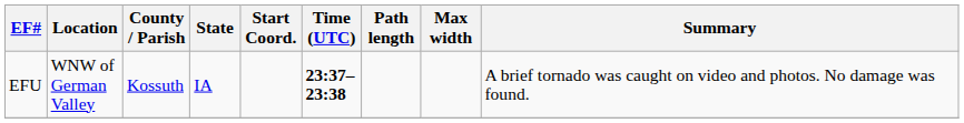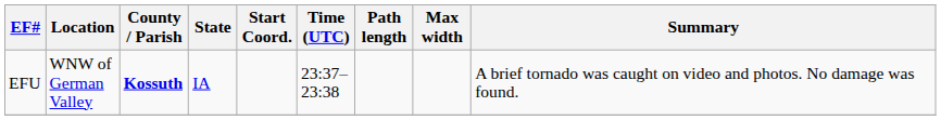 <table class="wikitable sortable" style="width:100%;">
 <tr>
 <th scope="col"  style="width:3%; text-align:center;"><a href='#'>EF#</a></th>
 <th scope="col"  style="width:7%; text-align:center;" class="unsortable">Location</th>
 <th scope="col"  style="width:6%; text-align:center;" class="unsortable">County / Parish</th>
 <th scope="col"  style="width:5%; text-align:center;">State</th>
 <th scope="col"  style="width:6%; text-align:center;">Start Coord.</th>
 <th scope="col"  style="width:6%; text-align:center;">Time (<a href='#'>UTC</a>)</th>
 <th scope="col"  style="width:6%; text-align:center;">Path length</th>
 <th scope="col"  style="width:6%; text-align:center;">Max width</th>
 <th scope="col" class="unsortable" style="width:48%; text-align:center;">Summary</th>
 </tr>
 <tr>
 <td>EFU</td>
 <td>WNW of <a href='#'>German Valley</a></td>
-<td><a href='#'>Kossuth</a></td>
+<td><strong><a href='#'>Kossuth</a></strong></td>
 <td><a href='#'>IA</a></td>
 <td></td>
-<td><strong>23:37–23:38</strong></td>
+<td>23:37–23:38</td>
 <td></td>
 <td></td>
 <td>A brief tornado was caught on video and photos. No damage was found.</td>
 </tr>
 <tr>
 </tr>
 </table>
